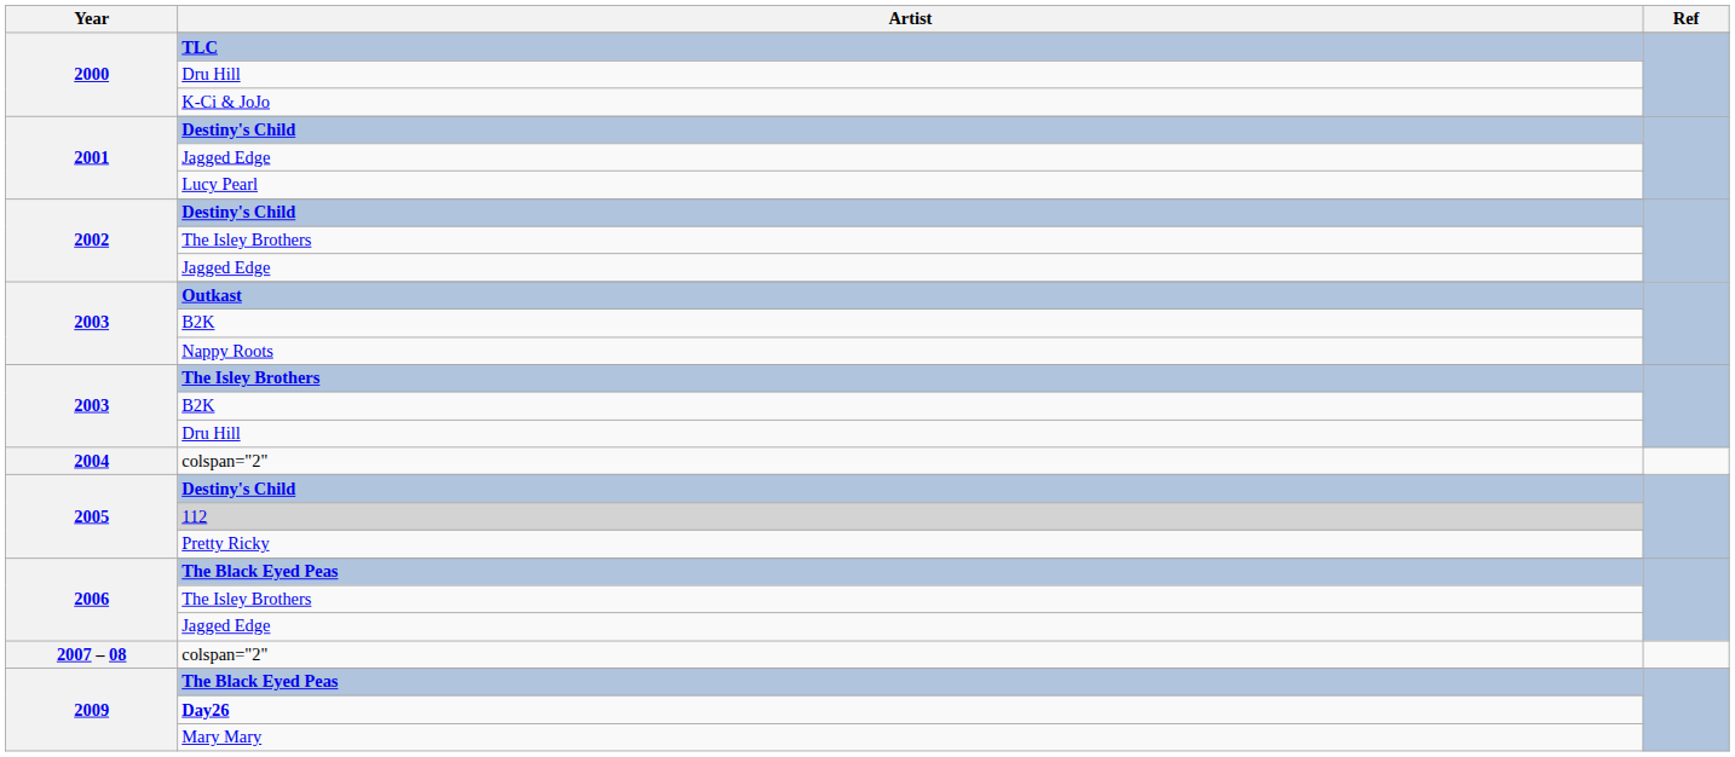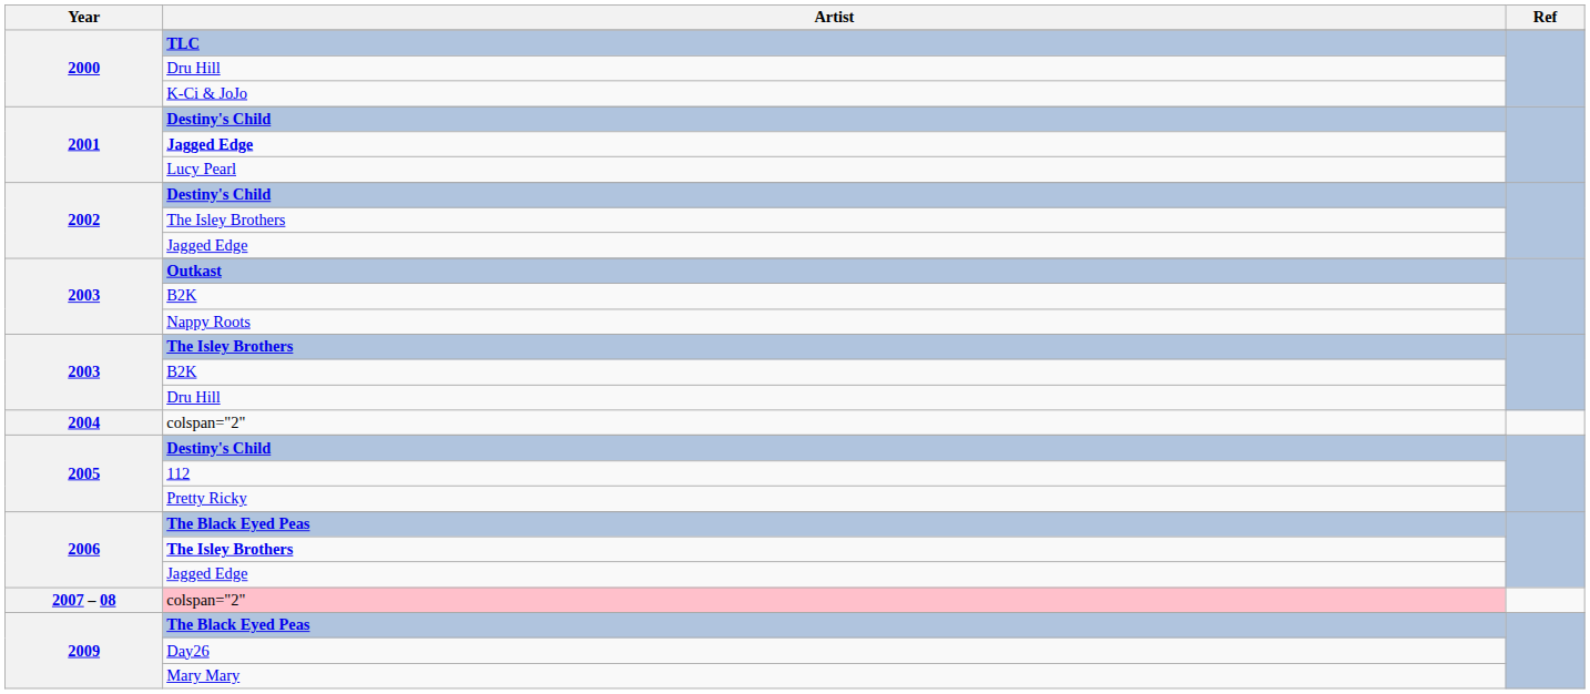 <table class="wikitable" width="100%">
 <tr>
 <th width="10%">Year</th>
 <th width="85%">Artist</th>
 <th width="5%">Ref</th>
 </tr>
 <tr>
 <th rowspan="4" align="center"><a href='#'>2000<br></a></th>
 </tr>
 <tr style="background:#B0C4DE">
 <td><strong><a href='#'>TLC</a></strong></td>
 <td rowspan="4" align="center"></td>
 </tr>
 <tr>
 <td><a href='#'>Dru Hill</a></td>
 </tr>
 <tr>
 <td><a href='#'>K-Ci & JoJo</a></td>
 </tr>
 <tr>
 <th rowspan="4" align="center"><a href='#'>2001<br></a></th>
 </tr>
 <tr style="background:#B0C4DE">
 <td><strong><a href='#'>Destiny's Child</a></strong></td>
 <td rowspan="4" align="center"></td>
 </tr>
 <tr>
-<td><a href='#'>Jagged Edge</a></td>
+<td><strong><a href='#'>Jagged Edge</a></strong></td>
 </tr>
 <tr>
 <td><a href='#'>Lucy Pearl</a></td>
 </tr>
 <tr>
 <th rowspan="4" align="center"><a href='#'>2002<br></a></th>
 </tr>
 <tr style="background:#B0C4DE">
 <td><strong><a href='#'>Destiny's Child</a></strong></td>
 <td rowspan="4" align="center"></td>
 </tr>
 <tr>
 <td><a href='#'>The Isley Brothers</a></td>
 </tr>
 <tr>
 <td><a href='#'>Jagged Edge</a></td>
 </tr>
 <tr>
 <th rowspan="4" align="center"><a href='#'>2003<br></a></th>
 </tr>
 <tr style="background:#B0C4DE">
 <td><strong><a href='#'>Outkast</a></strong></td>
 <td rowspan="4" align="center"></td>
 </tr>
 <tr>
 <td><a href='#'>B2K</a></td>
 </tr>
 <tr>
 <td><a href='#'>Nappy Roots</a></td>
 </tr>
 <tr>
 <th rowspan="4" align="center"><a href='#'>2003<br></a></th>
 </tr>
 <tr style="background:#B0C4DE">
 <td><strong><a href='#'>The Isley Brothers</a></strong></td>
 <td rowspan="3" align="center"></td>
 </tr>
 <tr>
 <td><a href='#'>B2K</a></td>
 </tr>
 <tr>
 <td><a href='#'>Dru Hill</a></td>
 </tr>
 <tr>
 <th align="center"><a href='#'>2004</a></th>
 <td>colspan="2" </td>
 </tr>
 <tr>
 <th rowspan="4" align="center"><a href='#'>2005<br></a></th>
 </tr>
 <tr style="background:#B0C4DE">
 <td><strong><a href='#'>Destiny's Child</a></strong></td>
 <td rowspan="4" align="center"></td>
 </tr>
 <tr>
-<td style="background: lightgrey;"><a href='#'>112</a></td>
+<td><a href='#'>112</a></td>
 </tr>
 <tr>
 <td><a href='#'>Pretty Ricky</a></td>
 </tr>
 <tr>
 <th rowspan="4" align="center"><a href='#'>2006<br></a></th>
 </tr>
 <tr style="background:#B0C4DE">
 <td><strong><a href='#'>The Black Eyed Peas</a></strong></td>
 <td rowspan="3" align="center"></td>
 </tr>
 <tr>
-<td><a href='#'>The Isley Brothers</a></td>
+<td><strong><a href='#'>The Isley Brothers</a></strong></td>
 </tr>
 <tr>
 <td><a href='#'>Jagged Edge</a></td>
 </tr>
 <tr>
 <th align="center"><a href='#'>2007</a> – <a href='#'>08</a></th>
-<td>colspan="2" </td>
+<td style="background: pink;">colspan="2" </td>
 </tr>
 <tr>
 <th rowspan="4" align="center"><a href='#'>2009<br></a></th>
 </tr>
 <tr style="background:#B0C4DE">
 <td><strong><a href='#'>The Black Eyed Peas</a></strong></td>
 <td rowspan="4" align="center"></td>
 </tr>
 <tr>
-<td><strong><a href='#'>Day26</a></strong></td>
+<td><a href='#'>Day26</a></td>
 </tr>
 <tr>
 <td><a href='#'>Mary Mary</a></td>
 </tr>
 </table>
